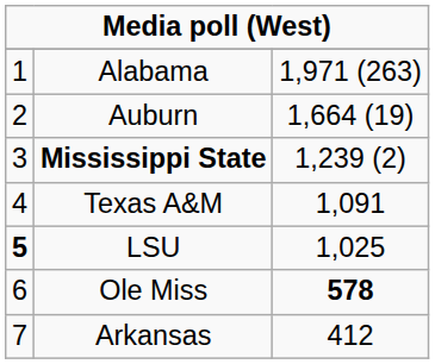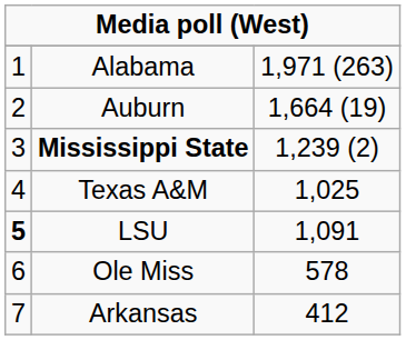 <table class="wikitable">
 <tr align="center">
 <td align="center" Colspan="3"><strong>Media poll (West)</strong></td>
 </tr>
 <tr align="center">
 </tr>
 <tr align="center">
 <td>1</td>
 <td>Alabama</td>
 <td>1,971 (263)</td>
 </tr>
 <tr align="center">
 <td>2</td>
 <td>Auburn</td>
 <td>1,664 (19)</td>
 </tr>
 <tr align="center">
 <td>3</td>
 <td><strong>Mississippi State</strong></td>
 <td>1,239 (2)</td>
 </tr>
 <tr align="center">
 <td>4</td>
 <td>Texas A&M</td>
-<td>1,091</td>
+<td>1,025</td>
 </tr>
 <tr align="center">
 <td><strong>5</strong></td>
 <td>LSU</td>
-<td>1,025</td>
+<td>1,091</td>
 </tr>
 <tr align="center">
 <td>6</td>
 <td>Ole Miss</td>
-<td><strong>578</strong></td>
+<td>578</td>
 </tr>
 <tr align="center">
 <td>7</td>
 <td>Arkansas</td>
 <td>412</td>
 </tr>
 </table>
